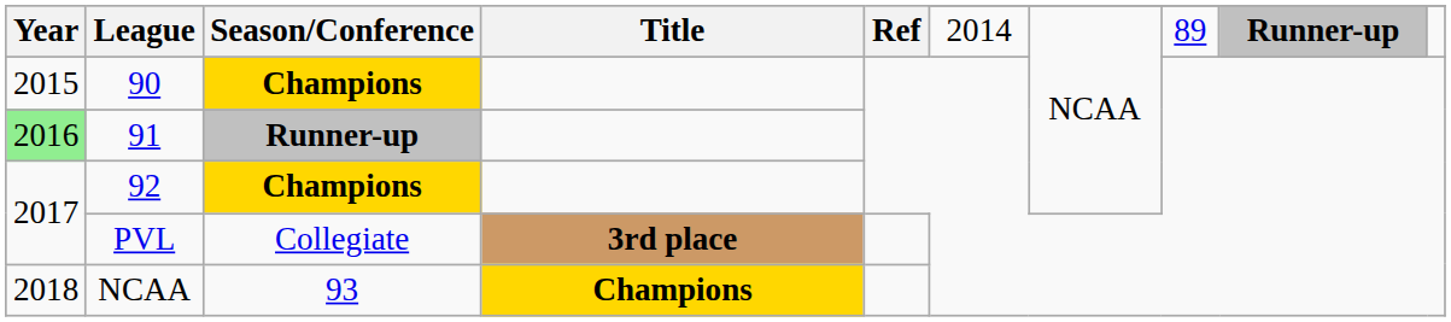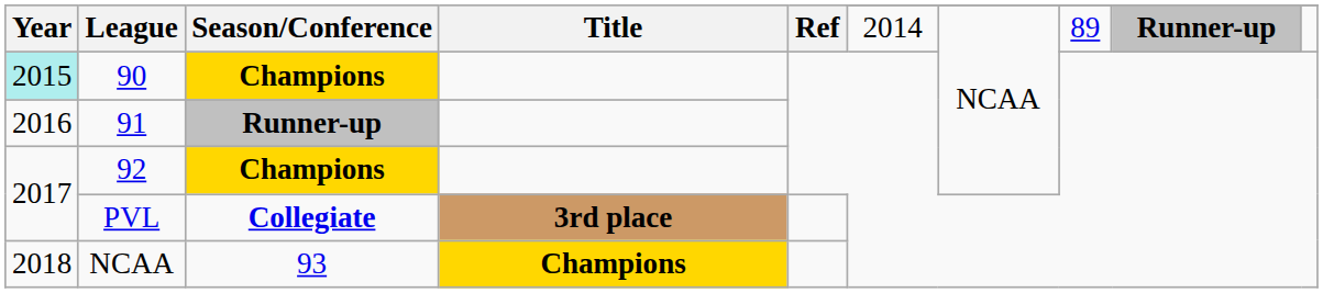 <table class="wikitable sortable" style="text-align:center" width="80%">
 <tr>
 <th style="width:5px;" rowspan="2">Year</th>
 <th style="width:25px;" rowspan="2">League</th>
 <th style="width:100px;" rowspan="2">Season/Conference</th>
 <th style="width:180px;" rowspan="2">Title</th>
 <th style="width:25px;" rowspan="2">Ref</th>
 </tr>
 <tr>
 <td>2014</td>
 <td rowspan=4>NCAA</td>
 <td><a href='#'>89</a></td>
 <td style="background:silver;"><strong>Runner-up</strong></td>
 <td></td>
 </tr>
 <tr>
-<td>2015</td>
+<td style="background: paleturquoise;">2015</td>
 <td><a href='#'>90</a></td>
 <td style="background:gold;"><strong>Champions</strong></td>
 <td></td>
 </tr>
 <tr>
-<td style="background: lightgreen;">2016</td>
+<td>2016</td>
 <td><a href='#'>91</a></td>
 <td style="background:silver;"><strong>Runner-up</strong></td>
 <td></td>
 </tr>
 <tr>
 <td rowspan=2>2017</td>
 <td><a href='#'>92</a></td>
 <td style="background:gold;"><strong>Champions</strong></td>
 <td></td>
 </tr>
 <tr>
 <td><a href='#'>PVL</a></td>
-<td><a href='#'>Collegiate</a></td>
+<td><strong><a href='#'>Collegiate</a></strong></td>
 <td style="background:#CC9966;"><strong>3rd place</strong></td>
 <td></td>
 </tr>
 <tr>
 <td>2018</td>
 <td>NCAA</td>
 <td><a href='#'>93</a></td>
 <td style="background:gold;"><strong>Champions</strong></td>
 <td></td>
 </tr>
 </table>
